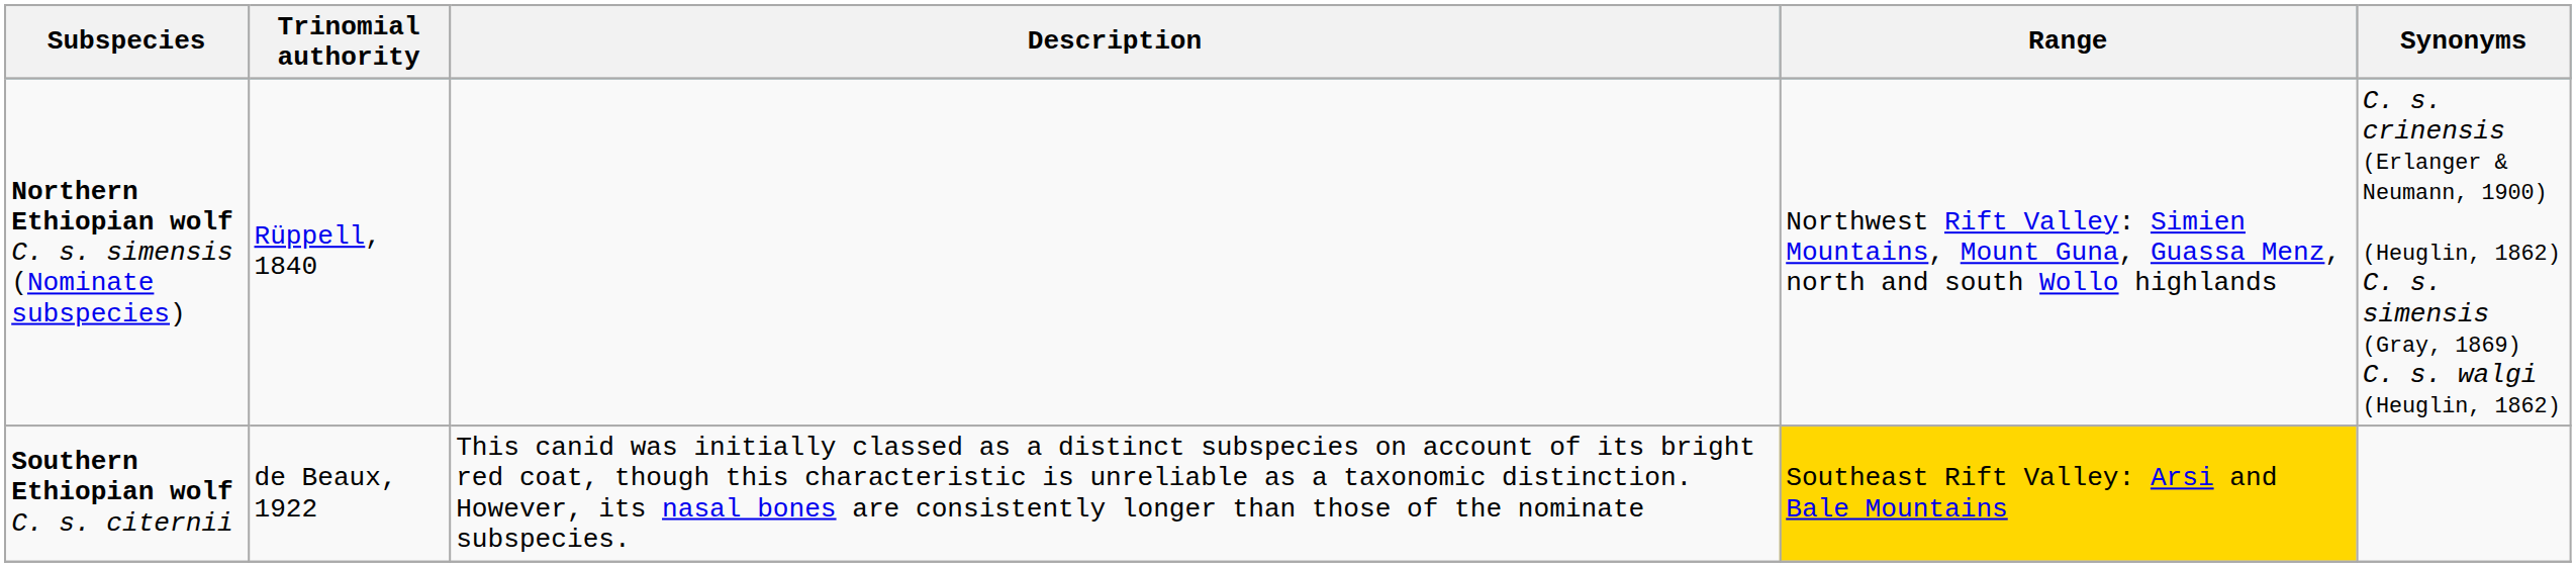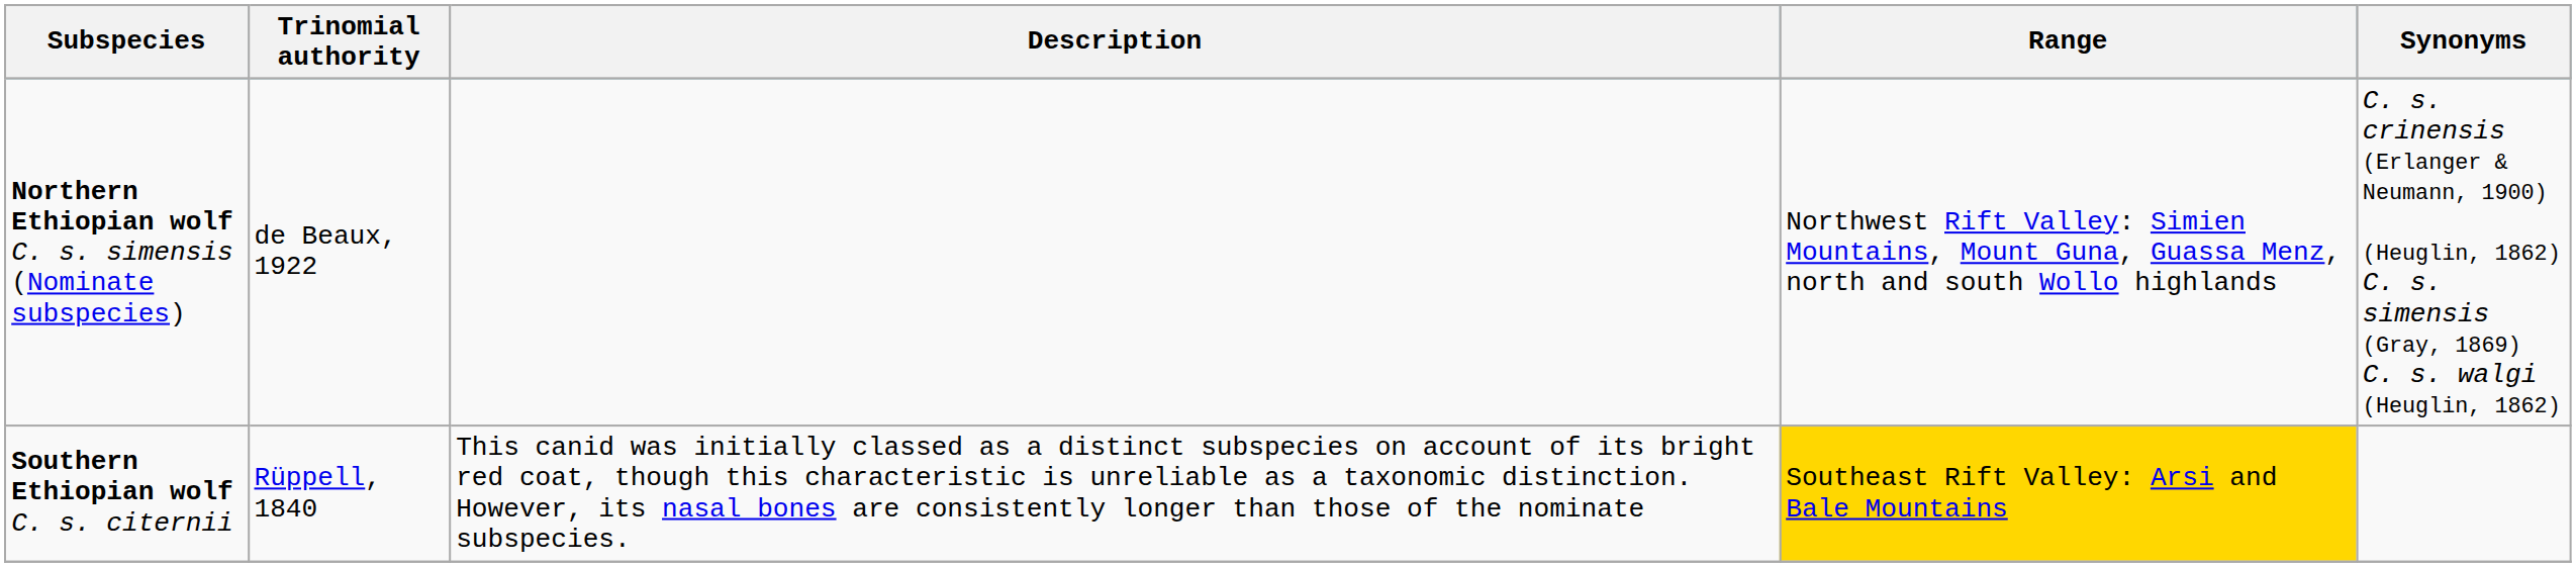 <table class="wikitable collapsed" style="width:100%;">
 <tr bgcolor="#115a6c">
 <th>Subspecies</th>
 <th>Trinomial authority</th>
 <th>Description</th>
 <th>Range</th>
 <th>Synonyms</th>
 </tr>
 <tr --->
 <td><strong>Northern Ethiopian wolf</strong><br><em>C. s. simensis</em><br>(<a href='#'>Nominate subspecies</a>)<br></td>
-<td><a href='#'>Rüppell</a>, 1840</td>
+<td>de Beaux, 1922</td>
 <td></td>
 <td>Northwest <a href='#'>Rift Valley</a>: <a href='#'>Simien Mountains</a>, <a href='#'>Mount Guna</a>, <a href='#'>Guassa Menz</a>, north and south <a href='#'>Wollo</a> highlands</td>
 <td><em>C. s. crinensis</em><br><small>(Erlanger & Neumann, 1900)</small><br><br><small>(Heuglin, 1862)</small><br><em>C. s. simensis</em><br><small>(Gray, 1869)</small><br><em>C. s. walgi</em><br><small>(Heuglin, 1862)</small></td>
 </tr>
 <tr --->
 <td><strong>Southern Ethiopian wolf</strong><br><em>C. s. citernii</em><br></td>
-<td>de Beaux, 1922</td>
+<td><a href='#'>Rüppell</a>, 1840</td>
 <td>This canid was initially classed as a distinct subspecies on account of its bright red coat, though this characteristic is unreliable as a taxonomic distinction. However, its <a href='#'>nasal bones</a> are consistently longer than those of the nominate subspecies.</td>
 <td style="background: gold;">Southeast Rift Valley: <a href='#'>Arsi</a> and <a href='#'>Bale Mountains</a></td>
 <td></td>
 </tr>
 <tr --->
 </tr>
 </table>
